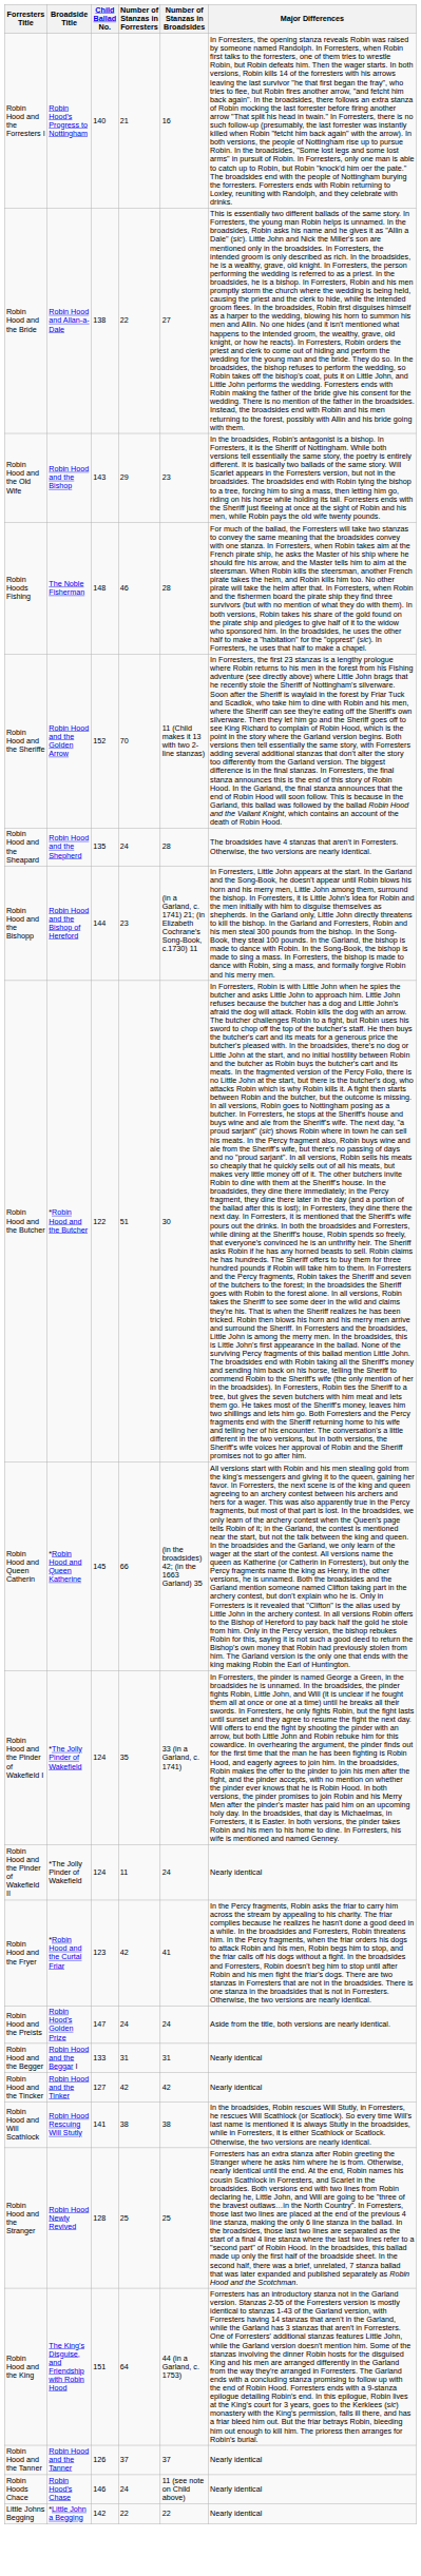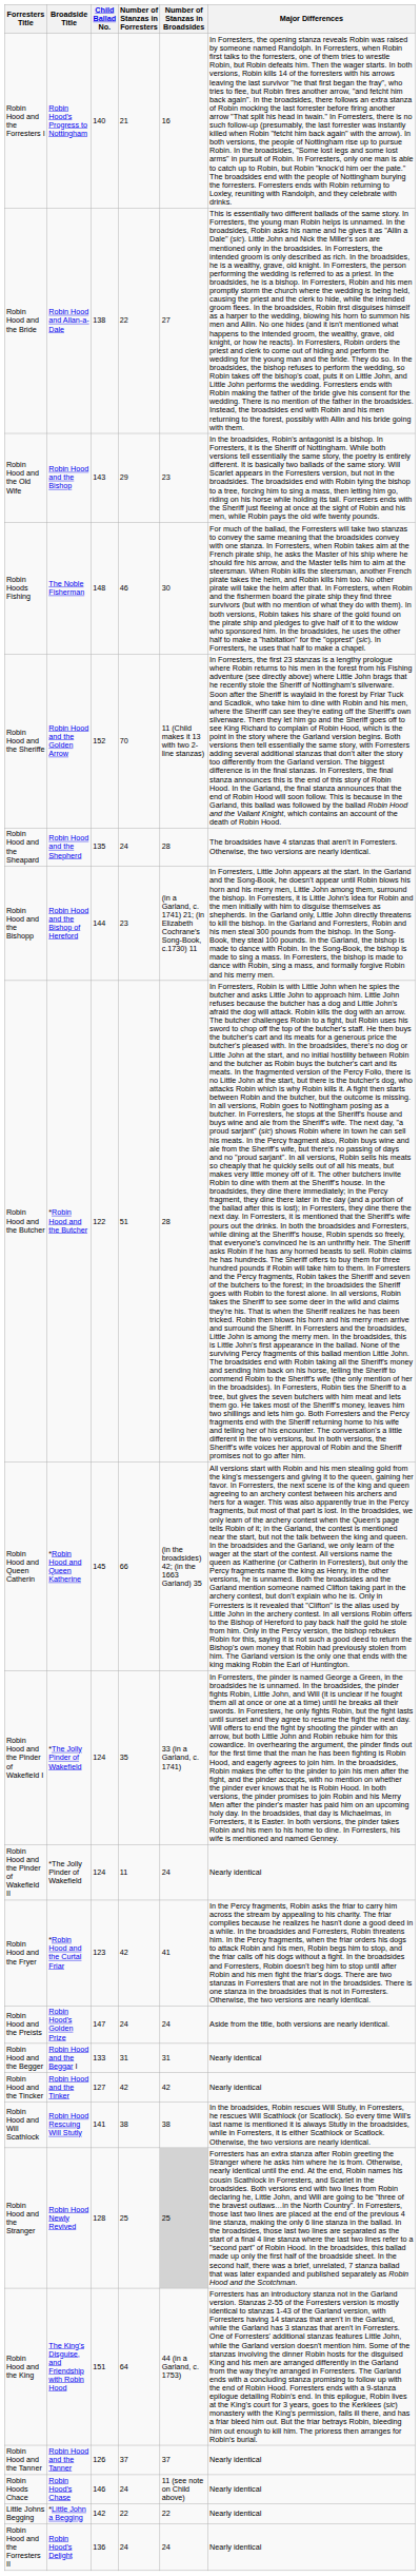 <table class="wikitable">
 <tr>
 <th>Forresters Title</th>
 <th>Broadside Title</th>
 <th><a href='#'>Child Ballad</a> No.</th>
 <th>Number of Stanzas in Forresters</th>
 <th>Number of Stanzas in Broadsides</th>
 <th>Major Differences</th>
 </tr>
 <tr>
 <td>Robin Hood and the Forresters I</td>
 <td><a href='#'>Robin Hood's Progress to Nottingham</a></td>
 <td>140</td>
 <td>21</td>
 <td>16</td>
 <td>In Forresters, the opening stanza reveals Robin was raised by someone named Randolph. In Forresters, when Robin first talks to the forresters, one of them tries to wrestle Robin, but Robin defeats him. Then the wager starts. In both versions, Robin kills 14 of the forresters with his arrows leaving the last survivor "he that first began the fray", who tries to flee, but Robin fires another arrow, "and fetcht him back again". In the broadsides, there follows an extra stanza of Robin mocking the last forrester before firing another arrow "That split his head in twain." In Forresters, there is no such follow-up (presumably, the last forrester was instantly killed when Robin "fetcht him back again" with the arrow). In both versions, the people of Nottingham rise up to pursue Robin. In the broadsides, "Some lost legs and some lost arms" in pursuit of Robin. In Forresters, only one man is able to catch up to Robin, but Robin "knock'd him oer the pate." The broadsides end with the people of Nottingham burying the forresters. Forresters ends with Robin returning to Loxley, reuniting with Randolph, and they celebrate with drinks.</td>
 </tr>
 <tr>
 <td>Robin Hood and the Bride</td>
 <td><a href='#'>Robin Hood and Allan-a-Dale</a></td>
 <td>138</td>
 <td>22</td>
 <td>27</td>
 <td>This is essentially two different ballads of the same story. In Forresters, the young man Robin helps is unnamed. In the broadsides, Robin asks his name and he gives it as "Allin a Dale" (<em>sic</em>). Little John and Nick the Miller's son are mentioned only in the broadsides. In Forresters, the intended groom is only described as rich. In the broadsides, he is a wealthy, grave, old knight. In Forresters, the person performing the wedding is referred to as a priest. In the broadsides, he is a bishop. In Forresters, Robin and his men promptly storm the church where the wedding is being held, causing the priest and the clerk to hide, while the intended groom flees. In the broadsides, Robin first disguises himself as a harper to the wedding, blowing his horn to summon his men and Allin. No one hides (and it isn't mentioned what happens to the intended groom, the wealthy, grave, old knight, or how he reacts). In Forresters, Robin orders the priest and clerk to come out of hiding and perform the wedding for the young man and the bride. They do so. In the broadsides, the bishop refuses to perform the wedding, so Robin takes off the bishop's coat, puts it on Little John, and Little John performs the wedding. Forresters ends with Robin making the father of the bride give his consent for the wedding. There is no mention of the father in the broadsides. Instead, the broadsides end with Robin and his men returning to the forest, possibly with Allin and his bride going with them.</td>
 </tr>
 <tr>
 <td>Robin Hood and the Old Wife</td>
 <td><a href='#'>Robin Hood and the Bishop</a></td>
 <td>143</td>
 <td>29</td>
 <td>23</td>
 <td>In the broadsides, Robin's antagonist is a bishop. In Forresters, it is the Sheriff of Nottingham. While both versions tell essentially the same story, the poetry is entirely different. It is basically two ballads of the same story. Will Scarlet appears in the Forresters version, but not in the broadsides. The broadsides end with Robin tying the bishop to a tree, forcing him to sing a mass, then letting him go, riding on his horse while holding its tail. Forresters ends with the Sheriff just fleeing at once at the sight of Robin and his men, while Robin pays the old wife twenty pounds.</td>
 </tr>
 <tr>
 <td>Robin Hoods Fishing</td>
 <td><a href='#'>The Noble Fisherman</a></td>
 <td>148</td>
 <td>46</td>
-<td>28</td>
+<td>30</td>
 <td>For much of the ballad, the Forresters will take two stanzas to convey the same meaning that the broadsides convey with one stanza. In Forresters, when Robin takes aim at the French pirate ship, he asks the Master of his ship where he should fire his arrow, and the Master tells him to aim at the steersman. When Robin kills the steersman, another French pirate takes the helm, and Robin kills him too. No other pirate will take the helm after that. In Forresters, when Robin and the fishermen board the pirate ship they find three survivors (but with no mention of what they do with them). In both versions, Robin takes his share of the gold found on the pirate ship and pledges to give half of it to the widow who sponsored him. In the broadsides, he uses the other half to make a "habitation" for the "opprest" (<em>sic</em>).  In Forresters, he uses that half to make a chapel.</td>
 </tr>
 <tr>
 <td>Robin Hood and the Sheriffe</td>
 <td><a href='#'>Robin Hood and the Golden Arrow</a></td>
 <td>152</td>
 <td>70</td>
 <td>11 (Child makes it 13 with two 2-line stanzas)</td>
 <td>In Forresters, the first 23 stanzas is a lengthy prologue where Robin returns to his men in the forest from his Fishing adventure (see directly above) where Little John brags that he recently stole the Sheriff of Nottingham's silverware. Soon after the Sheriff is waylaid in the forest by Friar Tuck and Scadlok, who take him to dine with Robin and his men, where the Sheriff can see they're eating off the Sheriff's own silverware. Then they let him go and the Sheriff goes off to see King Richard to complain of Robin Hood, which is the point in the story where the Garland version begins. Both versions then tell essentially the same story, with Forresters adding several additional stanzas that don't alter the story too differently from the Garland version. The biggest difference is in the final stanzas. In Forresters, the final stanza announces this is the end of this story of Robin Hood. In the Garland, the final stanza announces that the end of Robin Hood will soon follow. This is because in the Garland, this ballad was followed by the ballad <em>Robin Hood and the Valiant Knight</em>, which contains an account of the death of Robin Hood.</td>
 </tr>
 <tr>
 <td>Robin Hood and the Sheapard</td>
 <td><a href='#'>Robin Hood and the Shepherd</a></td>
 <td>135</td>
 <td>24</td>
 <td>28</td>
 <td>The broadsides have 4 stanzas that aren't in Forresters. Otherwise, the two versions are nearly identical.</td>
 </tr>
 <tr>
 <td>Robin Hood and the Bishopp</td>
 <td><a href='#'>Robin Hood and the Bishop of Hereford</a></td>
 <td>144</td>
 <td>23</td>
 <td>(in a Garland, c. 1741) 21; (in Elizabeth Cochrane's Song-Book, c.1730) 11</td>
 <td>In Forresters, Little John appears at the start. In the Garland and the Song-Book, he doesn't appear until Robin blows his horn and his merry men, Little John among them, surround the bishop. In Forresters, it is Little John's idea for Robin and the men initially with him to disguise themselves as shepherds. In the Garland only, Little John directly threatens to kill the bishop. In the Garland and Forresters, Robin and his men steal 300 pounds from the bishop. In the Song-Book, they steal 100 pounds. In the Garland, the bishop is made to dance with Robin. In the Song-Book, the bishop is made to sing a mass. In Forresters, the bishop is made to dance with Robin, sing a mass, and formally forgive Robin and his merry men.</td>
 </tr>
 <tr>
 <td>Robin Hood and the Butcher</td>
 <td>*<a href='#'>Robin Hood and the Butcher</a></td>
 <td>122</td>
 <td>51</td>
-<td>30</td>
+<td>28</td>
 <td>In Forresters, Robin is with Little John when he spies the butcher and asks Little John to approach him. Little John refuses because the butcher has a dog and Little John's afraid the dog will attack. Robin kills the dog with an arrow. The butcher challenges Robin to a fight, but Robin uses his sword to chop off the top of the butcher's staff. He then buys the butcher's cart and its meats for a generous price the butcher's pleased with. In the broadsides, there's no dog or Little John at the start, and no initial hostility between Robin and the butcher as Robin buys the butcher's cart and its meats. In the fragmented version of the Percy Folio, there is no Little John at the start, but there is the butcher's dog, who attacks Robin which is why Robin kills it. A fight then starts between Robin and the butcher, but the outcome is missing. In all versions, Robin goes to Nottingham posing as a butcher. In Forresters, he stops at the Sheriff's house and buys wine and ale from the Sheriff's wife. The next day, "a proud sarjant" (<em>sic</em>) shows Robin where in town he can sell his meats. In the Percy fragment also, Robin buys wine and ale from the Sheriff's wife, but there's no passing of days and no "proud sarjant". In all versions, Robin sells his meats so cheaply that he quickly sells out of all his meats, but makes very little money off of it. The other butchers invite Robin to dine with them at the Sheriff's house. In the broadsides, they dine there immediately; in the Percy fragment, they dine there later in the day (and a portion of the ballad after this is lost); in Forresters, they dine there the next day. In Forresters, it is mentioned that the Sheriff's wife pours out the drinks. In both the broadsides and Forresters, while dining at the Sheriff's house, Robin spends so freely, that everyone's convinced he is an unthrifty heir. The Sheriff asks Robin if he has any horned beasts to sell. Robin claims he has hundreds. The Sheriff offers to buy them for three hundred pounds if Robin will take him to them. In Forresters and the Percy fragments, Robin takes the Sheriff and seven of the butchers to the forest; in the broadsides the Sheriff goes with Robin to the forest alone. In all versions, Robin takes the Sheriff to see some deer in the wild and claims they're his. That is when the Sheriff realizes he has been tricked. Robin then blows his horn and his merry men arrive and surround the Sheriff. In Forresters and the broadsides, Little John is among the merry men. In the broadsides, this is Little John's first appearance in the ballad. None of the surviving Percy fragments of this ballad mention Little John. The broadsides end with Robin taking all the Sheriff's money and sending him back on his horse, telling the Sheriff to commend Robin to the Sheriff's wife (the only mention of her in the broadsides). In Forresters, Robin ties the Sheriff to a tree, but gives the seven butchers with him meat and lets them go. He takes most of the Sheriff's money, leaves him two shillings and lets him go. Both Forresters and the Percy fragments end with the Sheriff returning home to his wife and telling her of his encounter. The conversation's a little different in the two versions, but in both versions, the Sheriff's wife voices her approval of Robin and the Sheriff promises not to go after him.</td>
 </tr>
 <tr>
 <td>Robin Hood and Queen Catherin</td>
 <td>*<a href='#'>Robin Hood and Queen Katherine</a></td>
 <td>145</td>
 <td>66</td>
 <td>(in the broadsides) 42; (in the 1663 Garland) 35</td>
 <td>All versions start with Robin and his men stealing gold from the king's messengers and giving it to the queen, gaining her favor. In Forresters, the next scene is of the king and queen agreeing to an archery contest between his archers and hers for a wager. This was also apparently true in the Percy fragments, but most of that part is lost. In the broadsides, we only learn of the archery contest when the Queen's page tells Robin of it; in the Garland, the contest is mentioned near the start, but not the talk between the king and queen. In the broadsides and the Garland, we only learn of the wager at the start of the contest. All versions name the queen as Katherine (or Catherin in Forresters), but only the Percy fragments name the king as Henry, in the other versions, he is unnamed. Both the broadsides and the Garland mention someone named Clifton taking part in the archery contest, but don't explain who he is. Only in Forresters is it revealed that "Clifton" is the alias used by Little John in the archery contest. In all versions Robin offers to the Bishop of Hereford to pay back half the gold he stole from him. Only in the Percy version, the bishop rebukes Robin for this, saying it is not such a good deed to return the Bishop's own money that Robin had previously stolen from him. The Garland version is the only one that ends with the king making Robin the Earl of Huntington.</td>
 </tr>
 <tr>
 <td>Robin Hood and the Pinder of Wakefield I</td>
 <td>*<a href='#'>The Jolly Pinder of Wakefield</a></td>
 <td>124</td>
 <td>35</td>
 <td>33 (in a Garland, c. 1741)</td>
 <td>In Forresters, the pinder is named George a Green, in the broadsides he is unnamed. In the broadsides, the pinder fights Robin, Little John, and Will (it is unclear if he fought them all at once or one at a time) until he breaks all their swords. In Forresters, he only fights Robin, but the fight lasts until sunset and they agree to resume the fight the next day. Will offers to end the fight by shooting the pinder with an arrow, but both Little John and Robin rebuke him for this cowardice. In overhearing the argument, the pinder finds out for the first time that the man he has been fighting is Robin Hood, and eagerly agrees to join him. In the broadsides, Robin makes the offer to the pinder to join his men after the fight, and the pinder accepts, with no mention on whether the pinder ever knows that he is Robin Hood. In both versions, the pinder promises to join Robin and his Merry Men after the pinder's master has paid him on an upcoming holy day. In the broadsides, that day is Michaelmas, in Forresters, it is Easter. In both versions, the pinder takes Robin and his men to his home to dine. In Forresters, his wife is mentioned and named Genney.</td>
 </tr>
 <tr>
 <td>Robin Hood and the Pinder of Wakefield II</td>
 <td>*The Jolly Pinder of Wakefield</td>
 <td>124</td>
 <td>11</td>
 <td>24</td>
 <td>Nearly identical</td>
 </tr>
 <tr>
 <td>Robin Hood and the Fryer</td>
 <td>*<a href='#'>Robin Hood and the Curtal Friar</a></td>
 <td>123</td>
 <td>42</td>
 <td>41</td>
 <td>In the Percy fragments, Robin asks the friar to carry him across the stream by appealing to his charity. The friar complies because he realizes he hasn't done a good deed in a while. In the broadsides and Forresters, Robin threatens him. In the Percy fragments, when the friar orders his dogs to attack Robin and his men, Robin begs him to stop, and the friar calls off his dogs without a fight. In the broadsides and Forresters, Robin doesn't beg him to stop until after Robin and his men fight the friar's dogs. There are two stanzas in Forresters that are not in the broadsides. There is one stanza in the broadsides that is not in Forresters. Otherwise, the two versions are nearly identical.</td>
 </tr>
 <tr>
 <td>Robin Hood and the Preists</td>
 <td><a href='#'>Robin Hood's Golden Prize</a></td>
 <td>147</td>
 <td>24</td>
 <td>24</td>
 <td>Aside from the title, both versions are nearly identical.</td>
 </tr>
 <tr>
 <td>Robin Hood and the Begger</td>
 <td><a href='#'>Robin Hood and the Beggar</a> I</td>
 <td>133</td>
 <td>31</td>
 <td>31</td>
 <td>Nearly identical</td>
 </tr>
 <tr>
 <td>Robin Hood and the Tincker</td>
 <td><a href='#'>Robin Hood and the Tinker</a></td>
 <td>127</td>
 <td>42</td>
 <td>42</td>
 <td>Nearly identical</td>
 </tr>
 <tr>
 <td>Robin Hood and Will Scathlock</td>
 <td><a href='#'>Robin Hood Rescuing Will Stutly</a></td>
 <td>141</td>
 <td>38</td>
 <td>38</td>
 <td>In the broadsides, Robin rescues Will Stutly, in Forresters, he rescues Will Scathlock (or Scatlock). So every time Will's last name is mentioned it is always Stutly in the broadsides, while in Forresters, it is either Scathlock or Scatlock. Otherwise, the two versions are nearly identical.</td>
 </tr>
 <tr>
 <td>Robin Hood and the Stranger</td>
 <td><a href='#'>Robin Hood Newly Revived</a></td>
 <td>128</td>
 <td>25</td>
-<td>25</td>
+<td style="background: lightgrey;">25</td>
 <td>Forresters has an extra stanza after Robin greeting the Stranger where he asks him where he is from. Otherwise, nearly identical until the end. At the end, Robin names his cousin Scathlock in Forresters, and Scarlet in the broadsides. Both versions end with two lines from Robin declaring he, Little John, and Will are going to be "three of the bravest outlaws…in the North Country". In Forresters, those last two lines are placed at the end of the previous 4 line stanza, making the only 6 line stanza in the ballad. In the broadsides, those last two lines are separated as the start of a final 4 line stanza where the last two lines refer to a "second part" of Robin Hood. In the broadsides, this ballad made up only the first half of the broadside sheet. In the second half, there was a brief, unrelated, 7 stanza ballad that was later expanded and published separately as <em>Robin Hood and the Scotchman</em>.</td>
 </tr>
 <tr>
 <td>Robin Hood and the King</td>
 <td><a href='#'>The King's Disguise, and Friendship with Robin Hood</a></td>
 <td>151</td>
 <td>64</td>
 <td>44 (in a Garland, c. 1753)</td>
 <td>Forresters has an introductory stanza not in the Garland version. Stanzas 2-55 of the Forresters version is mostly identical to stanzas 1-43 of the Garland version, with Forresters having 14 stanzas that aren't in the Garland, while the Garland has 3 stanzas that aren't in Forresters. One of Forresters' additional stanzas features Little John, while the Garland version doesn't mention him. Some of the stanzas involving the dinner Robin hosts for the disguised King and his men are arranged differently in the Garland from the way they're arranged in Forresters. The Garland ends with a concluding stanza promising to follow up with the end of Robin Hood. Forresters ends with a 9-stanza epilogue detailing Robin's end. In this epilogue, Robin lives at the King's court for 3 years, goes to the Kerklees (<em>sic</em>) monastery with the King's permission, falls ill there, and has a friar bleed him out. But the friar betrays Robin, bleeding him out enough to kill him. The prioress then arranges for Robin's burial.</td>
 </tr>
 <tr>
 <td>Robin Hood and the Tanner</td>
 <td><a href='#'>Robin Hood and the Tanner</a></td>
 <td>126</td>
 <td>37</td>
 <td>37</td>
 <td>Nearly identical</td>
 </tr>
 <tr>
 <td>Robin Hoods Chace</td>
 <td><a href='#'>Robin Hood's Chase</a></td>
 <td>146</td>
 <td>24</td>
 <td>11 (see note on Child above)</td>
 <td>Nearly identical</td>
 </tr>
 <tr>
 <td>Little Johns Begging</td>
 <td>*<a href='#'>Little John a Begging</a></td>
 <td>142</td>
 <td>22</td>
 <td>22</td>
 <td>Nearly identical</td>
 </tr>
+<tr>
+<td>Robin Hood and the Forresters II</td>
+<td><a href='#'>Robin Hood's Delight</a></td>
+<td>136</td>
+<td>24</td>
+<td>24</td>
+<td>Nearly identical</td>
+</tr>
 </table>
